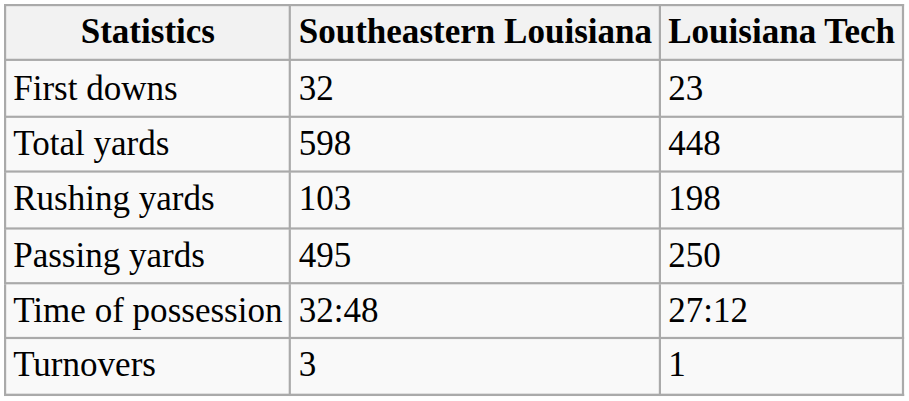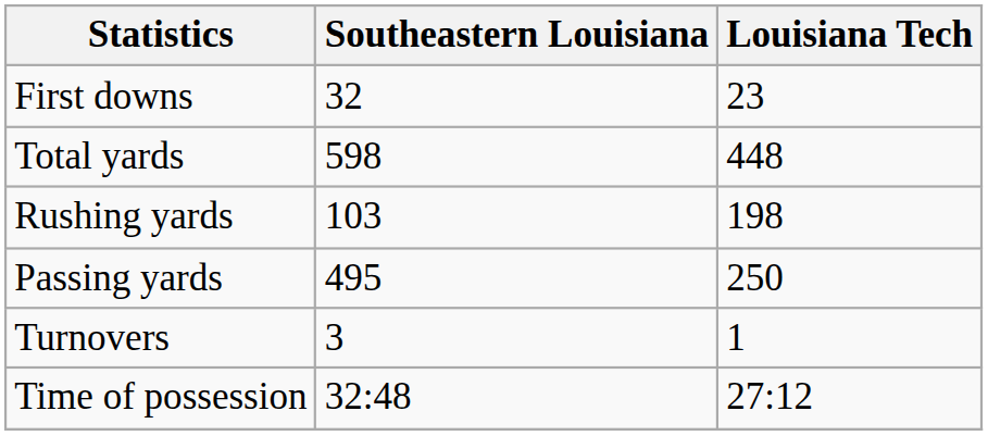 <table class="wikitable">
 <tr>
 <th>Statistics</th>
 <th>Southeastern Louisiana</th>
 <th>Louisiana Tech</th>
 </tr>
 <tr>
 <td>First downs</td>
 <td>32</td>
 <td>23</td>
 </tr>
 <tr>
 <td>Total yards</td>
 <td>598</td>
 <td>448</td>
 </tr>
 <tr>
 <td>Rushing yards</td>
 <td>103</td>
 <td>198</td>
 </tr>
 <tr>
 <td>Passing yards</td>
 <td>495</td>
 <td>250</td>
 </tr>
 <tr>
+<td>Turnovers</td>
+<td>3</td>
+<td>1</td>
+</tr>
+<tr>
 <td>Time of possession</td>
 <td>32:48</td>
 <td>27:12</td>
 </tr>
 <tr>
-<td>Turnovers</td>
-<td>3</td>
-<td>1</td>
-</tr>
-<tr>
 </tr>
 </table>
